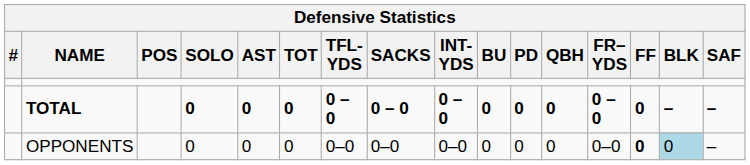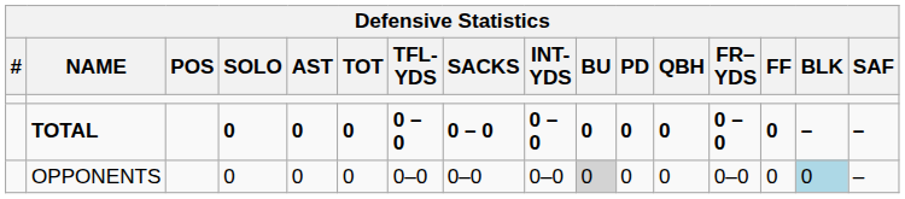 <table class="wikitable sortable collapsible collapsed">
 <tr>
 <th colspan="16">Defensive Statistics</th>
 </tr>
 <tr>
 <th>#</th>
 <th>NAME</th>
 <th>POS</th>
 <th>SOLO</th>
 <th>AST</th>
 <th>TOT</th>
 <th>TFL-YDS</th>
 <th>SACKS</th>
 <th>INT-YDS</th>
 <th>BU</th>
 <th>PD</th>
 <th>QBH</th>
 <th>FR–YDS</th>
 <th>FF</th>
 <th>BLK</th>
 <th>SAF</th>
 </tr>
 <tr>
 <td></td>
 </tr>
 <tr>
 <td></td>
 <td><strong>TOTAL</strong></td>
 <td></td>
 <td><strong>0</strong></td>
 <td><strong>0</strong></td>
 <td><strong>0</strong></td>
 <td><strong>0 – 0</strong></td>
 <td><strong>0 – 0</strong></td>
 <td><strong>0 – 0</strong></td>
 <td><strong>0</strong></td>
 <td><strong>0</strong></td>
 <td><strong>0</strong></td>
 <td><strong>0 – 0</strong></td>
 <td><strong>0</strong></td>
 <td><strong>–</strong></td>
 <td><strong>–</strong></td>
 </tr>
 <tr>
 <td></td>
 <td>OPPONENTS</td>
 <td></td>
 <td>0</td>
 <td>0</td>
 <td>0</td>
 <td>0–0</td>
 <td>0–0</td>
 <td>0–0</td>
-<td>0</td>
+<td style="background: lightgrey;">0</td>
 <td>0</td>
 <td>0</td>
 <td>0–0</td>
-<td><strong>0</strong></td>
+<td>0</td>
 <td style="background: lightblue;">0</td>
 <td>–</td>
 </tr>
 </table>
